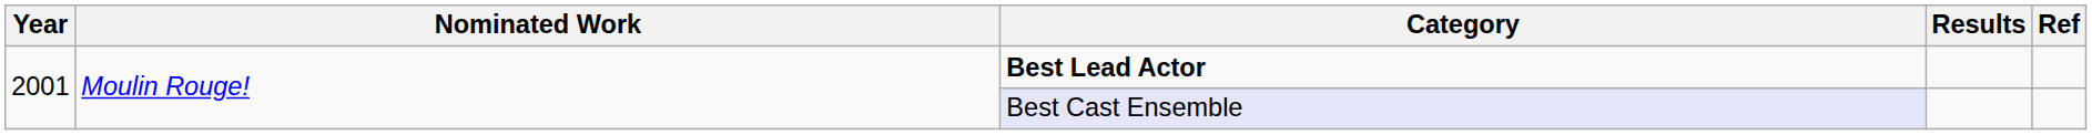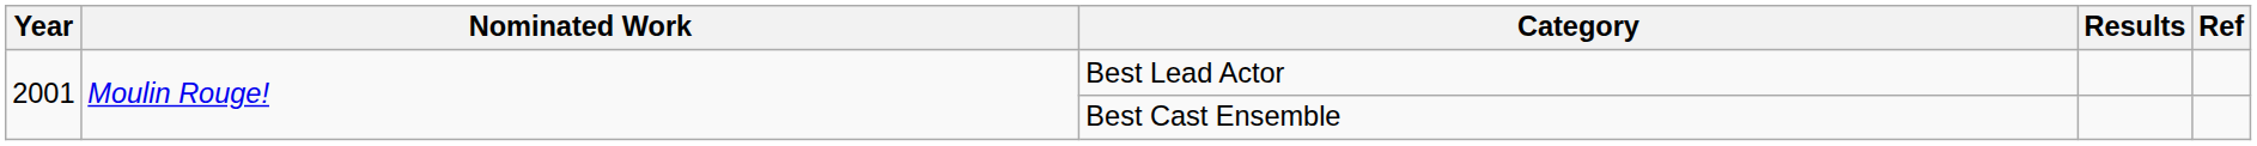 <table class="wikitable">
 <tr>
 <th scope="col" style="width:1em;">Year</th>
 <th scope="col" style="width:35em;">Nominated Work</th>
 <th scope="col" style="width:35em;">Category</th>
 <th scope="col" style="width:1em;">Results</th>
 <th scope="col" style="width:1em;">Ref</th>
 </tr>
 <tr>
 <td rowspan="2">2001</td>
 <td rowspan="2"><em><a href='#'>Moulin Rouge!</a></em></td>
-<td><strong>Best Lead Actor</strong></td>
+<td>Best Lead Actor</td>
 <td></td>
 <td></td>
 </tr>
 <tr>
-<td style="background: lavender;">Best Cast Ensemble</td>
+<td>Best Cast Ensemble</td>
 <td></td>
 <td></td>
 </tr>
 </table>
